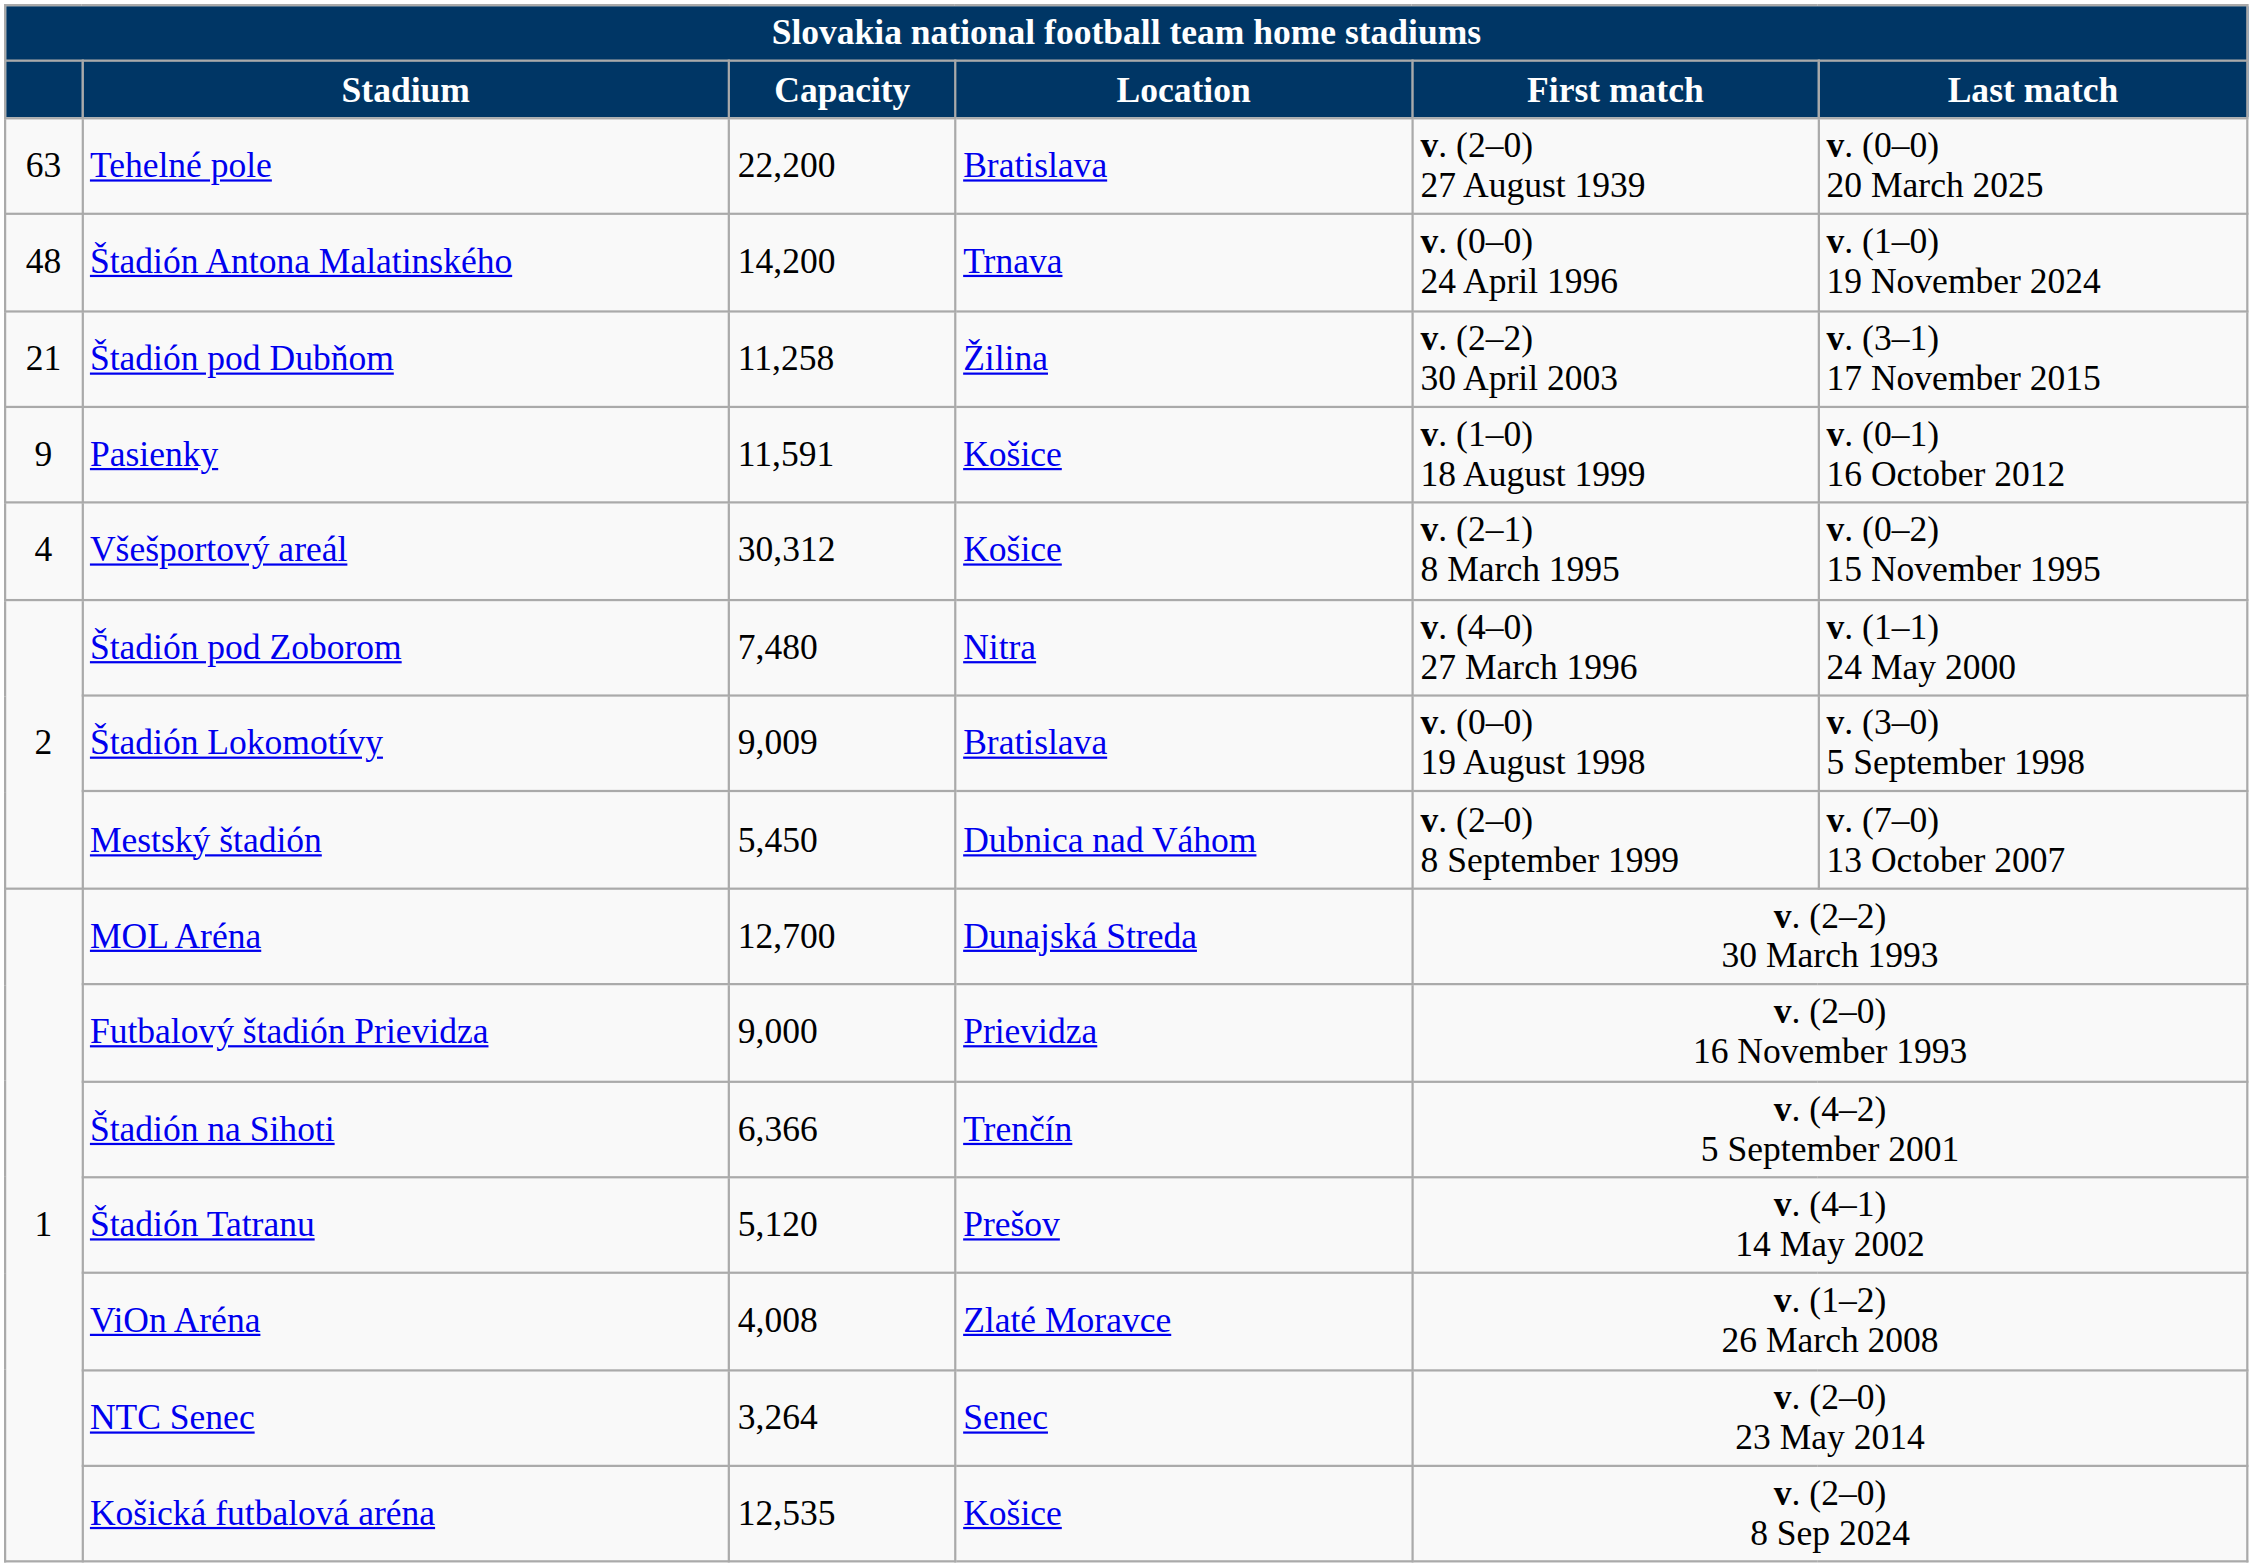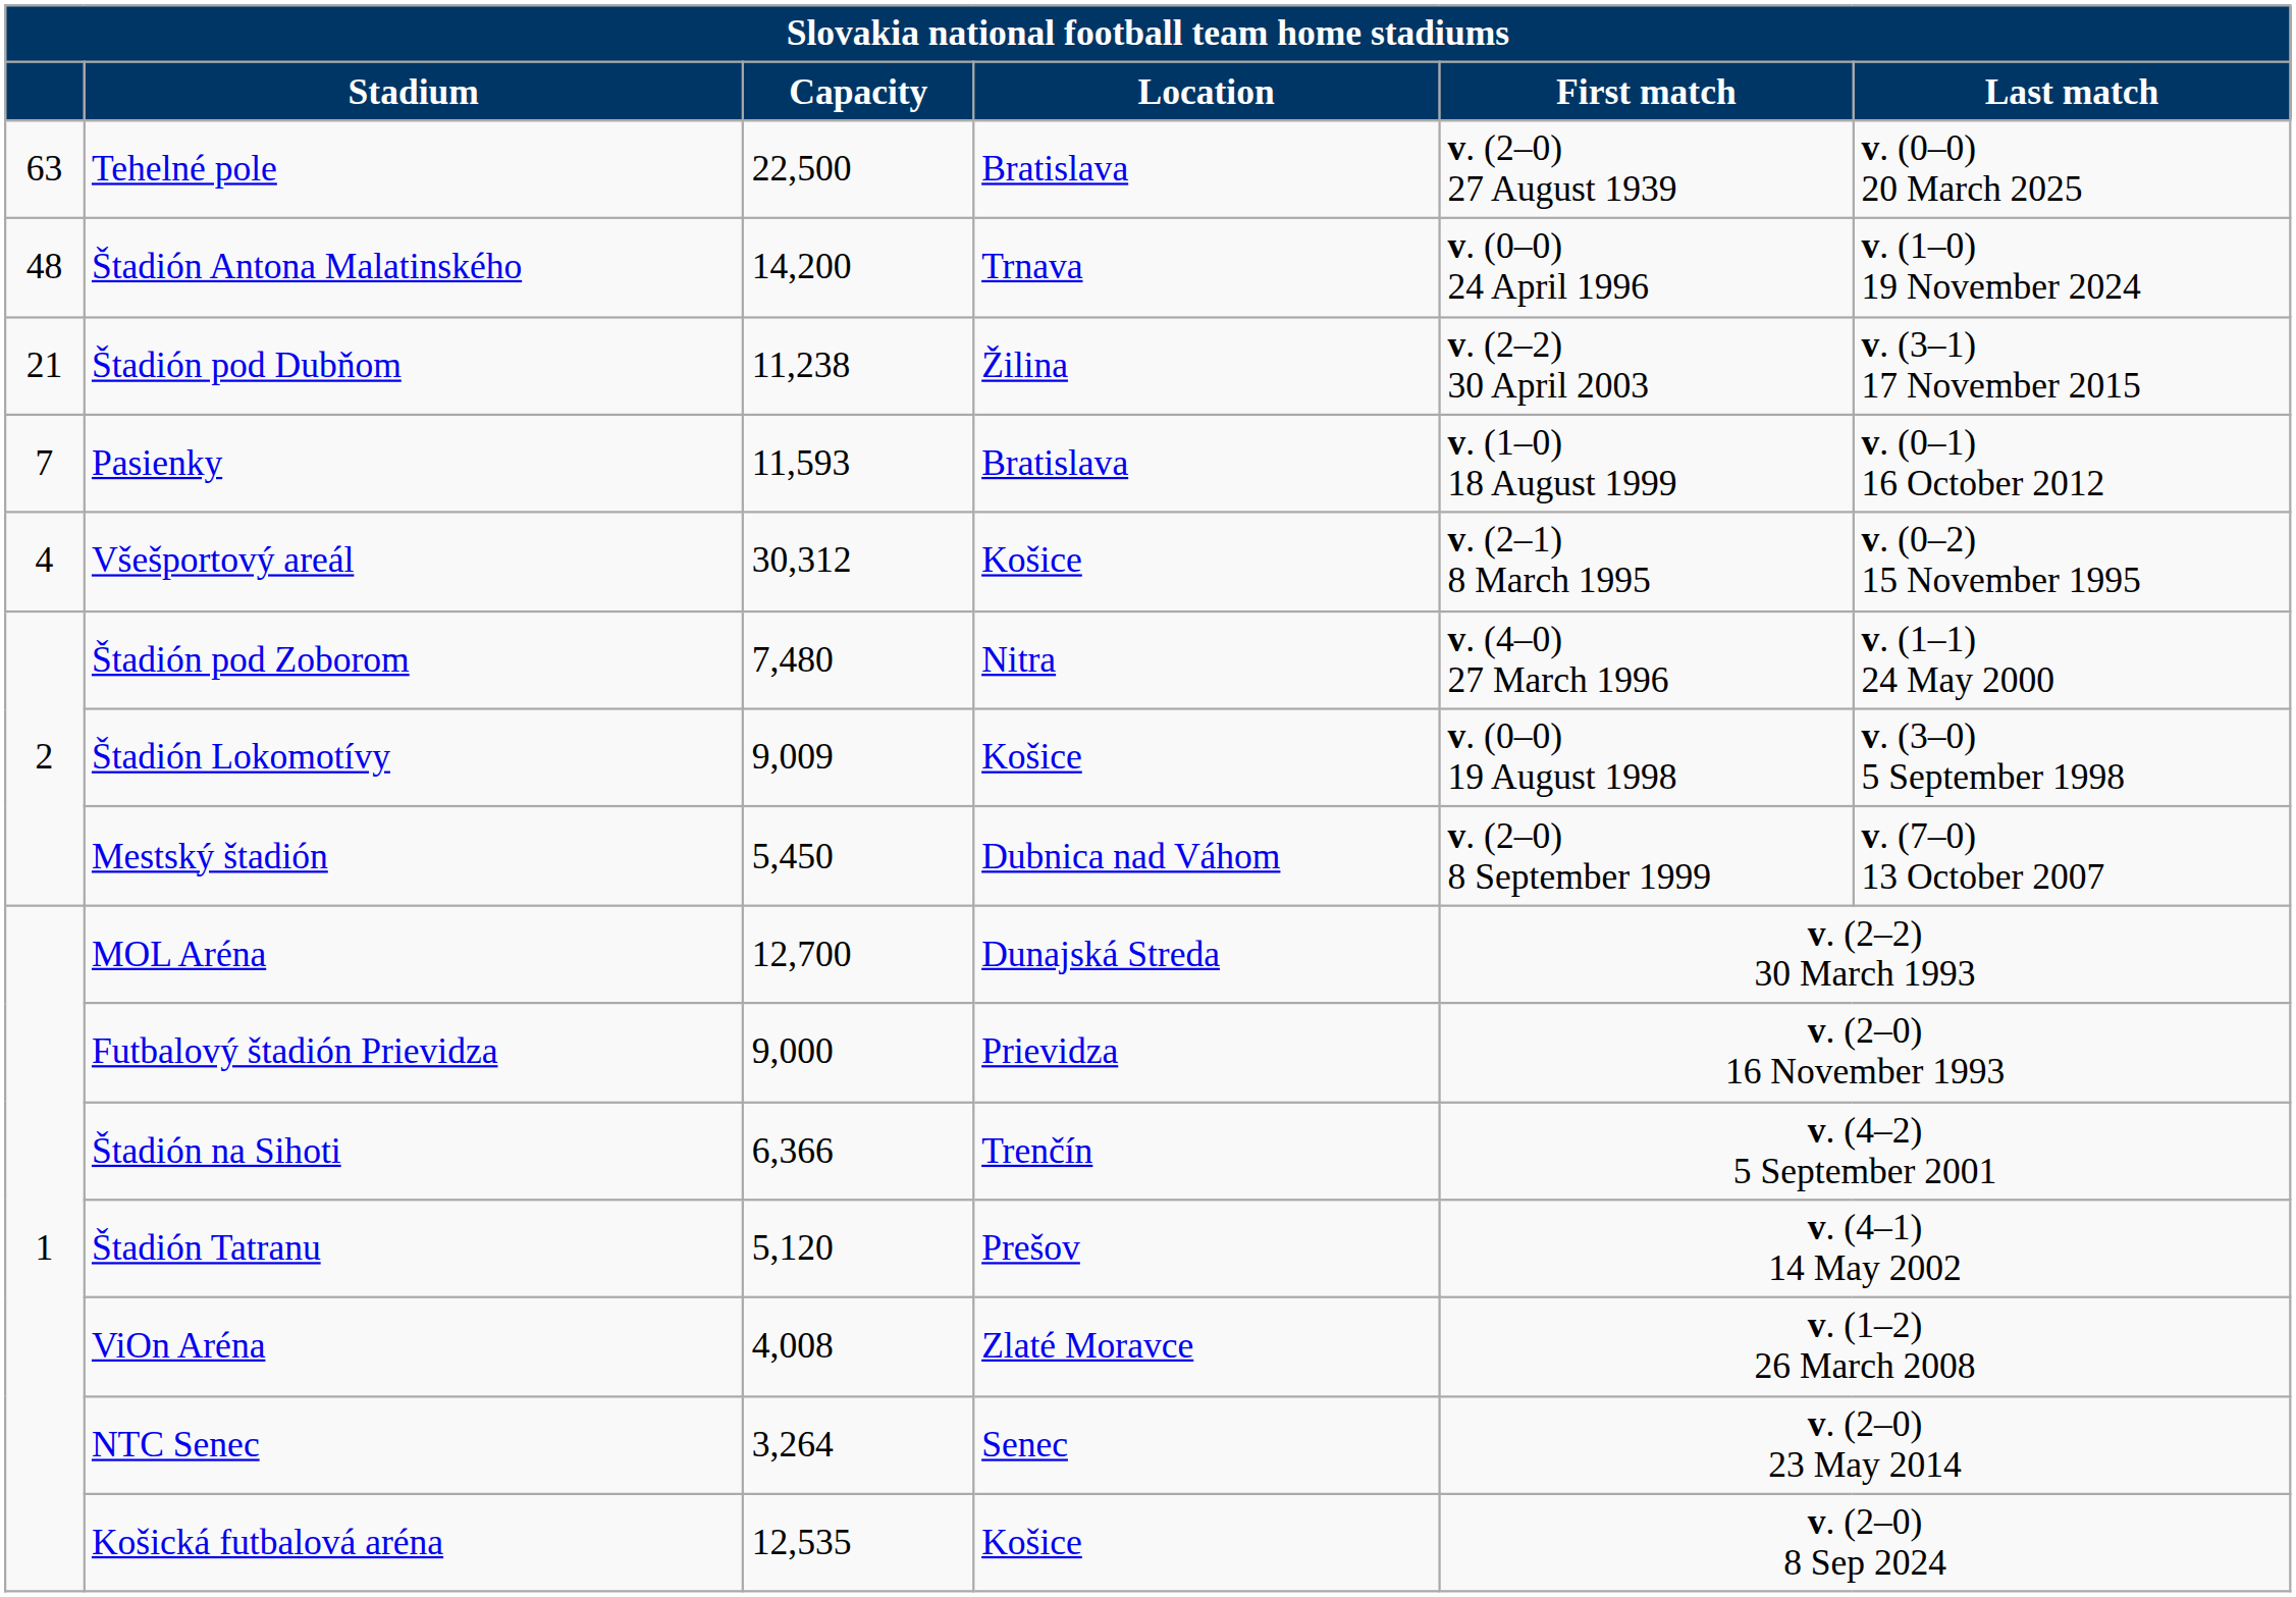 <table class="wikitable" width=80% style="text-align:center;font-size:100%;">
 <tr>
 <th colspan=8 style="background:#003665; color:white; ">Slovakia national football team home stadiums</th>
 </tr>
 <tr>
 <th style="background:#003665; color:white; "></th>
 <th style="background:#003665; color:white; ">Stadium</th>
 <th style="background:#003665; color:white; ">Capacity</th>
 <th style="background:#003665; color:white; ">Location</th>
 <th style="background:#003665; color:white; ">First match</th>
 <th style="background:#003665; color:white; ">Last match</th>
 </tr>
 <tr>
 <td>63</td>
 <td style="text-align:left"><a href='#'>Tehelné pole</a></td>
-<td style="text-align:left">22,200</td>
+<td style="text-align:left">22,500</td>
 <td style="text-align:left"><a href='#'>Bratislava</a></td>
 <td style="text-align:left"><strong>v</strong>.  (2–0) <br> 27 August 1939</td>
 <td style="text-align:left"><strong>v</strong>.  (0–0) <br> 20 March 2025</td>
 </tr>
 <tr>
 <td>48</td>
 <td style="text-align:left"><a href='#'>Štadión Antona Malatinského</a></td>
 <td style="text-align:left">14,200</td>
 <td style="text-align:left"><a href='#'>Trnava</a></td>
 <td style="text-align:left"><strong>v</strong>.  (0–0) <br> 24 April 1996</td>
 <td style="text-align:left"><strong>v</strong>.  (1–0) <br> 19 November 2024</td>
 </tr>
 <tr>
 <td>21</td>
 <td style="text-align:left"><a href='#'>Štadión pod Dubňom</a></td>
-<td style="text-align:left">11,258</td>
+<td style="text-align:left">11,238</td>
 <td style="text-align:left"><a href='#'>Žilina</a></td>
 <td style="text-align:left"><strong>v</strong>.  (2–2) <br> 30 April 2003</td>
 <td style="text-align:left"><strong>v</strong>.  (3–1) <br> 17 November 2015</td>
 </tr>
 <tr>
-<td>9</td>
+<td>7</td>
 <td style="text-align:left"><a href='#'>Pasienky</a></td>
-<td style="text-align:left">11,591</td>
-<td style="text-align:left"><a href='#'>Košice</a></td>
+<td style="text-align:left">11,593</td>
+<td style="text-align:left"><a href='#'>Bratislava</a></td>
 <td style="text-align:left"><strong>v</strong>.  (1–0) <br> 18 August 1999</td>
 <td style="text-align:left"><strong>v</strong>.  (0–1) <br> 16 October 2012</td>
 </tr>
 <tr>
 <td>4</td>
 <td style="text-align:left"><a href='#'>Všešportový areál</a></td>
 <td style="text-align:left">30,312</td>
 <td style="text-align:left"><a href='#'>Košice</a></td>
 <td style="text-align:left"><strong>v</strong>.  (2–1) <br> 8 March 1995</td>
 <td style="text-align:left"><strong>v</strong>.  (0–2) <br> 15 November 1995</td>
 </tr>
 <tr>
 <td rowspan=3>2</td>
 <td style="text-align:left"><a href='#'>Štadión pod Zoborom</a></td>
 <td style="text-align:left">7,480</td>
 <td style="text-align:left"><a href='#'>Nitra</a></td>
 <td style="text-align:left"><strong>v</strong>.  (4–0) <br> 27 March 1996</td>
 <td style="text-align:left"><strong>v</strong>.  (1–1) <br> 24 May 2000</td>
 </tr>
 <tr>
 <td style="text-align:left"><a href='#'>Štadión Lokomotívy</a></td>
 <td style="text-align:left">9,009</td>
-<td style="text-align:left"><a href='#'>Bratislava</a></td>
+<td style="text-align:left"><a href='#'>Košice</a></td>
 <td style="text-align:left"><strong>v</strong>.  (0–0) <br> 19 August 1998</td>
 <td style="text-align:left"><strong>v</strong>.  (3–0) <br> 5 September 1998</td>
 </tr>
 <tr>
 <td style="text-align:left"><a href='#'>Mestský štadión</a></td>
 <td style="text-align:left">5,450</td>
 <td style="text-align:left"><a href='#'>Dubnica nad Váhom</a></td>
 <td style="text-align:left"><strong>v</strong>.  (2–0) <br> 8 September 1999</td>
 <td style="text-align:left"><strong>v</strong>.  (7–0) <br> 13 October 2007</td>
 </tr>
 <tr>
 <td rowspan=7>1</td>
 <td style="text-align:left"><a href='#'>MOL Aréna</a></td>
 <td style="text-align:left">12,700</td>
 <td style="text-align:left"><a href='#'>Dunajská Streda</a></td>
 <td rowspan=1 colspan=2><strong>v</strong>.  (2–2) <br> 30 March 1993</td>
 </tr>
 <tr>
 <td style="text-align:left"><a href='#'>Futbalový štadión Prievidza</a></td>
 <td style="text-align:left">9,000</td>
 <td style="text-align:left"><a href='#'>Prievidza</a></td>
 <td rowspan=1 colspan=2><strong>v</strong>.  (2–0) <br> 16 November 1993</td>
 </tr>
 <tr>
 <td style="text-align:left"><a href='#'>Štadión na Sihoti</a></td>
 <td style="text-align:left">6,366</td>
 <td style="text-align:left"><a href='#'>Trenčín</a></td>
 <td rowspan=1 colspan=2><strong>v</strong>.  (4–2) <br> 5 September 2001</td>
 </tr>
 <tr>
 <td style="text-align:left"><a href='#'>Štadión Tatranu</a></td>
 <td style="text-align:left">5,120</td>
 <td style="text-align:left"><a href='#'>Prešov</a></td>
 <td rowspan=1 colspan=2><strong>v</strong>.  (4–1) <br> 14 May 2002</td>
 </tr>
 <tr>
 <td style="text-align:left"><a href='#'>ViOn Aréna</a></td>
 <td style="text-align:left">4,008</td>
 <td style="text-align:left"><a href='#'>Zlaté Moravce</a></td>
 <td rowspan=1 colspan=2><strong>v</strong>.  (1–2) <br> 26 March 2008</td>
 </tr>
 <tr>
 <td style="text-align:left"><a href='#'>NTC Senec</a></td>
 <td style="text-align:left">3,264</td>
 <td style="text-align:left"><a href='#'>Senec</a></td>
 <td rowspan=1 colspan=2><strong>v</strong>.  (2–0) <br> 23 May 2014</td>
 </tr>
 <tr>
 <td style="text-align:left"><a href='#'>Košická futbalová aréna</a></td>
 <td style="text-align:left">12,535</td>
 <td style="text-align:left"><a href='#'>Košice</a></td>
 <td rowspan=1 colspan=2><strong>v</strong>.  (2–0) <br> 8 Sep 2024</td>
 </tr>
 </table>
